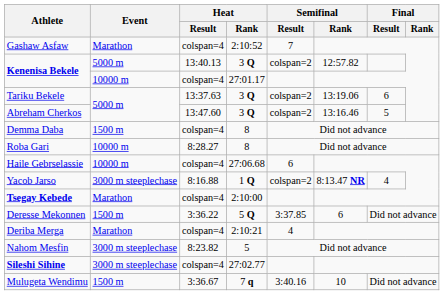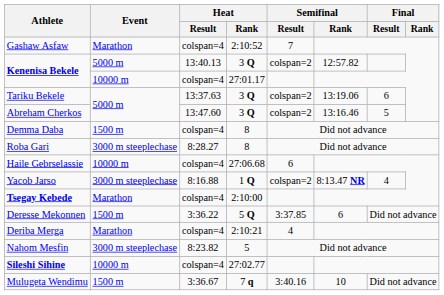 <table class=wikitable style="font-size:90%">
 <tr>
 <th rowspan="2">Athlete</th>
 <th rowspan="2">Event</th>
 <th colspan="2">Heat</th>
 <th colspan="2">Semifinal</th>
 <th colspan="2">Final</th>
 </tr>
 <tr style="font-size:95%">
 <th>Result</th>
 <th>Rank</th>
 <th>Result</th>
 <th>Rank</th>
 <th>Result</th>
 <th>Rank</th>
 </tr>
 <tr align=center>
 <td align=left><a href='#'>Gashaw Asfaw</a></td>
 <td align=left><a href='#'>Marathon</a></td>
 <td>colspan=4 </td>
 <td>2:10:52</td>
 <td>7</td>
 </tr>
 <tr align=center>
 <td align=left rowspan=2><strong><a href='#'>Kenenisa Bekele</a></strong></td>
 <td align=left><a href='#'>5000 m</a></td>
 <td>13:40.13</td>
 <td>3 <strong>Q</strong></td>
 <td>colspan=2 </td>
 <td>12:57.82 </td>
 <td></td>
 </tr>
 <tr align=center>
 <td align=left><a href='#'>10000 m</a></td>
 <td>colspan=4 </td>
 <td>27:01.17 </td>
 <td></td>
 </tr>
 <tr align=center>
 <td align=left><a href='#'>Tariku Bekele</a></td>
 <td align=left rowspan=2><a href='#'>5000 m</a></td>
 <td>13:37.63</td>
 <td>3 <strong>Q</strong></td>
 <td>colspan=2 </td>
 <td>13:19.06</td>
 <td>6</td>
 </tr>
 <tr align=center>
 <td align=left><a href='#'>Abreham Cherkos</a></td>
 <td>13:47.60</td>
 <td>3 <strong>Q</strong></td>
 <td>colspan=2 </td>
 <td>13:16.46</td>
 <td>5</td>
 </tr>
 <tr align=center>
 <td align=left><a href='#'>Demma Daba</a></td>
 <td align=left><a href='#'>1500 m</a></td>
 <td>colspan=4 </td>
 <td>8</td>
 <td colspan=4>Did not advance</td>
 </tr>
 <tr align=center>
 <td align=left><a href='#'>Roba Gari</a></td>
-<td align=left><a href='#'>10000 m</a></td>
+<td align=left><a href='#'>3000 m steeplechase</a></td>
 <td>8:28.27</td>
 <td>8</td>
 <td colspan=4>Did not advance</td>
 </tr>
 <tr align=center>
 <td align=left><a href='#'>Haile Gebrselassie</a></td>
 <td align=left><a href='#'>10000 m</a></td>
 <td>colspan=4 </td>
 <td>27:06.68</td>
 <td>6</td>
 </tr>
 <tr align=center>
 <td align=left><a href='#'>Yacob Jarso</a></td>
 <td align=left><a href='#'>3000 m steeplechase</a></td>
 <td>8:16.88</td>
 <td>1 <strong>Q</strong></td>
 <td>colspan=2 </td>
 <td>8:13.47 <strong><a href='#'>NR</a></strong></td>
 <td>4</td>
 </tr>
 <tr align=center>
 <td align=left><strong><a href='#'>Tsegay Kebede</a></strong></td>
 <td align=left><a href='#'>Marathon</a></td>
 <td>colspan=4 </td>
 <td>2:10:00</td>
 <td></td>
 </tr>
 <tr align=center>
 <td align=left><a href='#'>Deresse Mekonnen</a></td>
 <td align=left><a href='#'>1500 m</a></td>
 <td>3:36.22</td>
 <td>5 <strong>Q</strong></td>
 <td>3:37.85</td>
 <td>6</td>
 <td colspan=2>Did not advance</td>
 </tr>
 <tr align=center>
 <td align=left><a href='#'>Deriba Merga</a></td>
 <td align=left><a href='#'>Marathon</a></td>
 <td>colspan=4 </td>
 <td>2:10:21</td>
 <td>4</td>
 </tr>
 <tr align=center>
 <td align=left><a href='#'>Nahom Mesfin</a></td>
 <td align=left><a href='#'>3000 m steeplechase</a></td>
 <td>8:23.82</td>
 <td>5</td>
 <td colspan=4>Did not advance</td>
 </tr>
 <tr align=center>
 <td align=left><strong><a href='#'>Sileshi Sihine</a></strong></td>
-<td align=left><a href='#'>3000 m steeplechase</a></td>
+<td align=left><a href='#'>10000 m</a></td>
 <td>colspan=4 </td>
 <td>27:02.77</td>
 <td></td>
 </tr>
 <tr align=center>
 <td align=left><a href='#'>Mulugeta Wendimu</a></td>
 <td align=left><a href='#'>1500 m</a></td>
 <td>3:36.67</td>
 <td>7 <strong>q</strong></td>
 <td>3:40.16</td>
 <td>10</td>
 <td colspan=2>Did not advance</td>
 </tr>
 </table>
